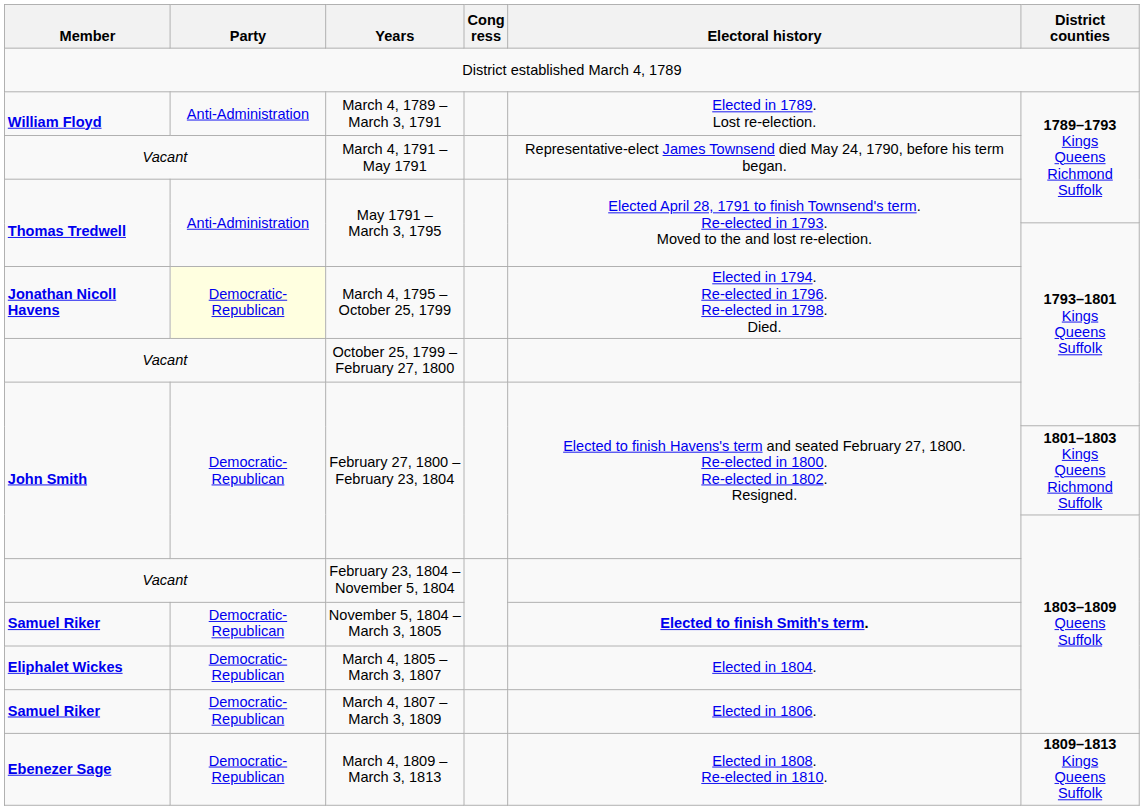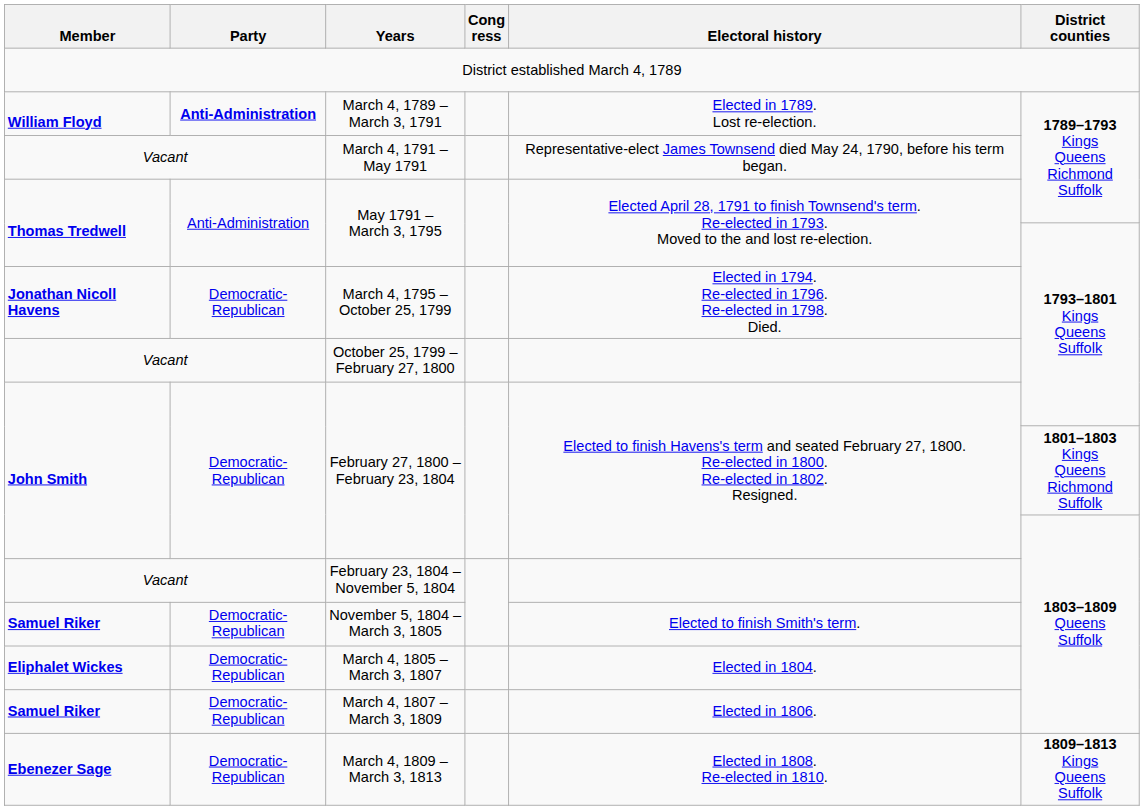 <table class=wikitable style="text-align:center">
 <tr style="height:3em" valign=bottom>
 <th>Member</th>
 <th>Party</th>
 <th>Years</th>
 <th>Cong<br>ress</th>
 <th>Electoral history</th>
 <th>District counties</th>
 </tr>
 <tr style="height:3em">
 <td colspan=6>District established March 4, 1789</td>
 </tr>
 <tr style="height:3em">
 <td align=left><br><strong><a href='#'>William Floyd</a></strong><br></td>
-<td><a href='#'>Anti-Administration</a></td>
+<td><strong><a href='#'>Anti-Administration</a></strong></td>
 <td nowrap>March 4, 1789 –<br>March 3, 1791</td>
 <td></td>
 <td><a href='#'>Elected in 1789</a>.<br>Lost re-election.</td>
 <td rowspan=3><strong>1789–1793</strong><br><a href='#'>Kings</a><br><a href='#'>Queens</a><br><a href='#'>Richmond</a><br><a href='#'>Suffolk</a></td>
 </tr>
 <tr style="height:3em">
 <td nowrap colspan=2><em>Vacant</em></td>
 <td nowrap>March 4, 1791 –<br>May 1791</td>
 <td></td>
 <td>Representative-elect <a href='#'>James Townsend</a> died May 24, 1790, before his term began.</td>
 </tr>
 <tr style="height:3em">
 <td rowspan=2 align=left><br><strong><a href='#'>Thomas Tredwell</a></strong><br></td>
 <td rowspan=2 ><a href='#'>Anti-Administration</a></td>
 <td nowrap rowspan=2>May 1791 –<br>March 3, 1795</td>
 <td rowspan=2></td>
 <td rowspan=2><a href='#'>Elected April 28, 1791 to finish Townsend's term</a>.<br><a href='#'>Re-elected in 1793</a>.<br>Moved to the  and lost re-election.</td>
 </tr>
 <tr style="height:3em">
 <td rowspan=4><strong>1793–1801</strong><br><a href='#'>Kings</a><br><a href='#'>Queens</a><br><a href='#'>Suffolk</a></td>
 </tr>
 <tr style="height:3em">
 <td align=left><strong><a href='#'>Jonathan Nicoll Havens</a></strong><br></td>
-<td style="background: lightyellow;"><a href='#'>Democratic-Republican</a></td>
+<td><a href='#'>Democratic-Republican</a></td>
 <td nowrap>March 4, 1795 –<br>October 25, 1799</td>
 <td></td>
 <td><a href='#'>Elected in 1794</a>.<br><a href='#'>Re-elected in 1796</a>.<br><a href='#'>Re-elected in 1798</a>.<br>Died.</td>
 </tr>
 <tr style="height:3em">
 <td nowrap colspan=2><em>Vacant</em></td>
 <td nowrap>October 25, 1799 –<br>February 27, 1800</td>
 <td></td>
 </tr>
 <tr style="height:3em">
 <td rowspan=3 align=left><br><strong><a href='#'>John Smith</a></strong><br></td>
 <td rowspan=3 ><a href='#'>Democratic-Republican</a></td>
 <td rowspan=3 nowrap>February 27, 1800 –<br>February 23, 1804</td>
 <td rowspan=3></td>
 <td rowspan=3><a href='#'>Elected to finish Havens's term</a> and seated February 27, 1800.<br><a href='#'>Re-elected in 1800</a>.<br><a href='#'>Re-elected in 1802</a>.<br>Resigned.</td>
 </tr>
 <tr style="height:3em">
 <td><strong>1801–1803</strong><br><a href='#'>Kings</a><br><a href='#'>Queens</a><br><a href='#'>Richmond</a><br><a href='#'>Suffolk</a></td>
 </tr>
 <tr style="height:3em">
 <td rowspan=5><strong>1803–1809</strong><br><a href='#'>Queens</a><br><a href='#'>Suffolk</a></td>
 </tr>
 <tr style="height:3em">
 <td nowrap colspan=2><em>Vacant</em></td>
 <td nowrap>February 23, 1804 –<br>November 5, 1804</td>
 <td rowspan=2></td>
 </tr>
 <tr style="height:3em">
 <td align=left><strong><a href='#'>Samuel Riker</a></strong><br></td>
 <td><a href='#'>Democratic-Republican</a></td>
 <td nowrap>November 5, 1804 –<br>March 3, 1805</td>
-<td><strong><a href='#'>Elected to finish Smith's term</a>.<br></strong></td>
+<td><a href='#'>Elected to finish Smith's term</a>.<br></td>
 </tr>
 <tr style="height:3em">
 <td align=left><strong><a href='#'>Eliphalet Wickes</a></strong><br></td>
 <td><a href='#'>Democratic-Republican</a></td>
 <td nowrap>March 4, 1805 –<br>March 3, 1807</td>
 <td></td>
 <td><a href='#'>Elected in 1804</a>.<br></td>
 </tr>
 <tr style="height:3em">
 <td align=left><strong><a href='#'>Samuel Riker</a></strong><br></td>
 <td><a href='#'>Democratic-Republican</a></td>
 <td nowrap>March 4, 1807 –<br>March 3, 1809</td>
 <td></td>
 <td><a href='#'>Elected in 1806</a>.<br></td>
 </tr>
 <tr style="height:3em">
 <td align=left><strong><a href='#'>Ebenezer Sage</a></strong><br></td>
 <td><a href='#'>Democratic-Republican</a></td>
 <td nowrap rowspan=2>March 4, 1809 –<br>March 3, 1813</td>
 <td></td>
 <td><a href='#'>Elected in 1808</a>.<br><a href='#'>Re-elected in 1810</a>.</td>
 <td><strong>1809–1813</strong><br><a href='#'>Kings</a><br><a href='#'>Queens</a><br><a href='#'>Suffolk</a></td>
 </tr>
 </table>
